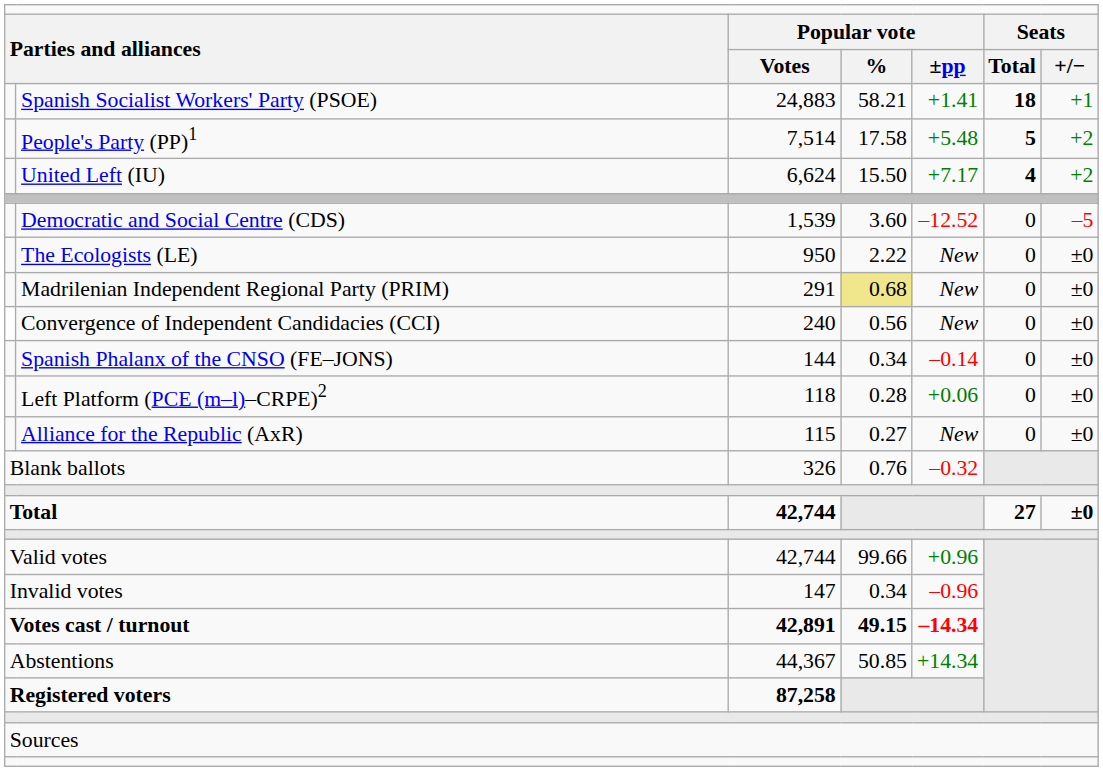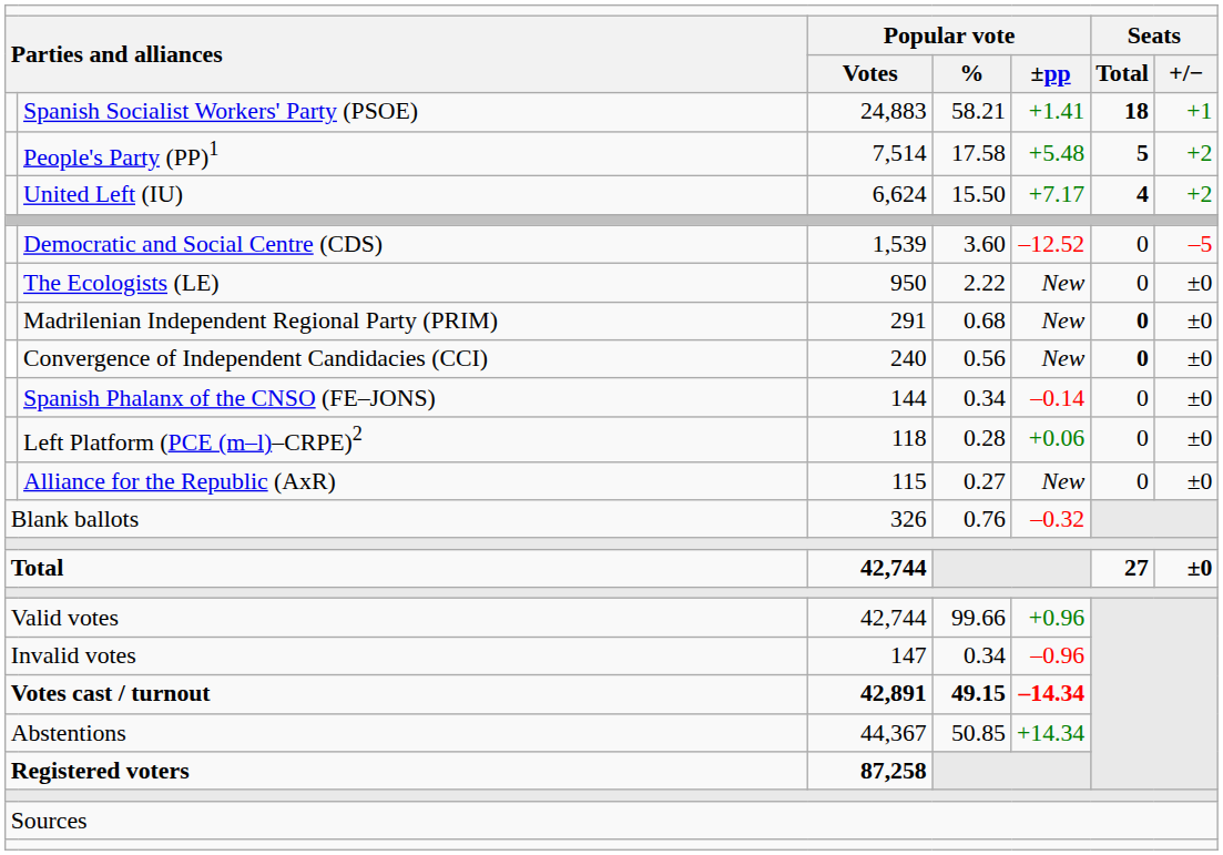 <table class="wikitable" style="text-align:right;">
 <tr>
 <td colspan="7"></td>
 </tr>
 <tr>
 <th style="text-align:left;" rowspan="2" colspan="2" width="525">Parties and alliances</th>
 <th colspan="3">Popular vote</th>
 <th colspan="2">Seats</th>
 </tr>
 <tr>
 <th width="75">Votes</th>
 <th width="45">%</th>
 <th width="45">±<a href='#'>pp</a></th>
 <th width="35">Total</th>
 <th width="35">+/−</th>
 </tr>
 <tr>
 <td width="1" style="color:inherit;background:"></td>
 <td align="left"><a href='#'>Spanish Socialist Workers' Party</a> (PSOE)</td>
 <td>24,883</td>
 <td>58.21</td>
 <td style="color:green;">+1.41</td>
 <td><strong>18</strong></td>
 <td style="color:green;">+1</td>
 </tr>
 <tr>
 <td style="color:inherit;background:"></td>
 <td align="left"><a href='#'>People's Party</a> (PP)<sup>1</sup></td>
 <td>7,514</td>
 <td>17.58</td>
 <td style="color:green;">+5.48</td>
 <td><strong>5</strong></td>
 <td style="color:green;">+2</td>
 </tr>
 <tr>
 <td style="color:inherit;background:"></td>
 <td align="left"><a href='#'>United Left</a> (IU)</td>
 <td>6,624</td>
 <td>15.50</td>
 <td style="color:green;">+7.17</td>
 <td><strong>4</strong></td>
 <td style="color:green;">+2</td>
 </tr>
 <tr>
 <td colspan="7" bgcolor="#C0C0C0"></td>
 </tr>
 <tr>
 <td style="color:inherit;background:"></td>
 <td align="left"><a href='#'>Democratic and Social Centre</a> (CDS)</td>
 <td>1,539</td>
 <td>3.60</td>
 <td style="color:red;">–12.52</td>
 <td>0</td>
 <td style="color:red;">–5</td>
 </tr>
 <tr>
 <td style="color:inherit;background:"></td>
 <td align="left"><a href='#'>The Ecologists</a> (LE)</td>
 <td>950</td>
 <td>2.22</td>
 <td><em>New</em></td>
 <td>0</td>
 <td>±0</td>
 </tr>
 <tr>
 <td style="color:inherit;background:"></td>
 <td align="left">Madrilenian Independent Regional Party (PRIM)</td>
 <td>291</td>
-<td style="background: khaki;">0.68</td>
+<td>0.68</td>
 <td><em>New</em></td>
-<td>0</td>
+<td><strong>0</strong></td>
 <td>±0</td>
 </tr>
 <tr>
 <td bgcolor="white"></td>
 <td align="left">Convergence of Independent Candidacies (CCI)</td>
 <td>240</td>
 <td>0.56</td>
 <td><em>New</em></td>
-<td>0</td>
+<td><strong>0</strong></td>
 <td>±0</td>
 </tr>
 <tr>
 <td style="color:inherit;background:"></td>
 <td align="left"><a href='#'>Spanish Phalanx of the CNSO</a> (FE–JONS)</td>
 <td>144</td>
 <td>0.34</td>
 <td style="color:red;">–0.14</td>
 <td>0</td>
 <td>±0</td>
 </tr>
 <tr>
 <td style="color:inherit;background:"></td>
 <td align="left">Left Platform (<a href='#'>PCE (m–l)</a>–CRPE)<sup>2</sup></td>
 <td>118</td>
 <td>0.28</td>
 <td style="color:green;">+0.06</td>
 <td>0</td>
 <td>±0</td>
 </tr>
 <tr>
 <td style="color:inherit;background:"></td>
 <td align="left"><a href='#'>Alliance for the Republic</a> (AxR)</td>
 <td>115</td>
 <td>0.27</td>
 <td><em>New</em></td>
 <td>0</td>
 <td>±0</td>
 </tr>
 <tr>
 <td align="left" colspan="2">Blank ballots</td>
 <td>326</td>
 <td>0.76</td>
 <td style="color:red;">–0.32</td>
 <td bgcolor="#E9E9E9" colspan="2"></td>
 </tr>
 <tr>
 <td colspan="7" bgcolor="#E9E9E9"></td>
 </tr>
 <tr style="font-weight:bold;">
 <td align="left" colspan="2">Total</td>
 <td>42,744</td>
 <td bgcolor="#E9E9E9" colspan="2"></td>
 <td>27</td>
 <td>±0</td>
 </tr>
 <tr>
 <td colspan="7" bgcolor="#E9E9E9"></td>
 </tr>
 <tr>
 <td align="left" colspan="2">Valid votes</td>
 <td>42,744</td>
 <td>99.66</td>
 <td style="color:green;">+0.96</td>
 <td bgcolor="#E9E9E9" colspan="2" rowspan="5"></td>
 </tr>
 <tr>
 <td align="left" colspan="2">Invalid votes</td>
 <td>147</td>
 <td>0.34</td>
 <td style="color:red;">–0.96</td>
 </tr>
 <tr style="font-weight:bold;">
 <td align="left" colspan="2">Votes cast / turnout</td>
 <td>42,891</td>
 <td>49.15</td>
 <td style="color:red;">–14.34</td>
 </tr>
 <tr>
 <td align="left" colspan="2">Abstentions</td>
 <td>44,367</td>
 <td>50.85</td>
 <td style="color:green;">+14.34</td>
 </tr>
 <tr style="font-weight:bold;">
 <td align="left" colspan="2">Registered voters</td>
 <td>87,258</td>
 <td bgcolor="#E9E9E9" colspan="2"></td>
 </tr>
 <tr>
 <td colspan="7" bgcolor="#E9E9E9"></td>
 </tr>
 <tr>
 <td align="left" colspan="7">Sources</td>
 </tr>
 <tr>
 <td colspan="7" style="text-align:left; max-width:790px;"></td>
 </tr>
 </table>
